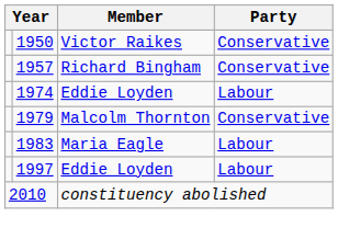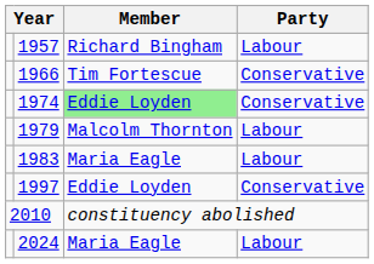 <table class="wikitable">
 <tr>
 <th colspan="2">Year</th>
 <th>Member </th>
 <th>Party</th>
 </tr>
 <tr>
 <td style="color:inherit;background-color: "></td>
-<td><a href='#'>1950</a></td>
-<td><a href='#'>Victor Raikes</a></td>
-<td><a href='#'>Conservative</a></td>
+<td><a href='#'>1957</a></td>
+<td><a href='#'>Richard Bingham</a></td>
+<td><a href='#'>Labour</a></td>
 </tr>
 <tr>
 <td style="color:inherit;background-color: "></td>
-<td><a href='#'>1957</a></td>
-<td><a href='#'>Richard Bingham</a></td>
+<td><a href='#'>1966</a></td>
+<td><a href='#'>Tim Fortescue</a></td>
 <td><a href='#'>Conservative</a></td>
 </tr>
 <tr>
 <td style="color:inherit;background-color: "></td>
 <td><a href='#'>1974</a></td>
-<td><a href='#'>Eddie Loyden</a></td>
-<td><a href='#'>Labour</a></td>
+<td style="background: lightgreen;"><a href='#'>Eddie Loyden</a></td>
+<td><a href='#'>Conservative</a></td>
 </tr>
 <tr>
 <td style="color:inherit;background-color: "></td>
 <td><a href='#'>1979</a></td>
 <td><a href='#'>Malcolm Thornton</a></td>
-<td><a href='#'>Conservative</a></td>
+<td><a href='#'>Labour</a></td>
 </tr>
 <tr>
 <td style="color:inherit;background-color: "></td>
 <td><a href='#'>1983</a></td>
 <td><a href='#'>Maria Eagle</a></td>
 <td><a href='#'>Labour</a></td>
 </tr>
 <tr>
 <td style="color:inherit;background-color: "></td>
 <td><a href='#'>1997</a></td>
 <td><a href='#'>Eddie Loyden</a></td>
-<td><a href='#'>Labour</a></td>
+<td><a href='#'>Conservative</a></td>
 </tr>
 <tr>
 <td colspan="2"><a href='#'>2010</a></td>
 <td colspan="2"><em>constituency abolished</em></td>
 </tr>
+<tr>
+<td style="color:inherit;background-color: "></td>
+<td><a href='#'>2024</a></td>
+<td><a href='#'>Maria Eagle</a></td>
+<td><a href='#'>Labour</a></td>
+</tr>
 </table>
